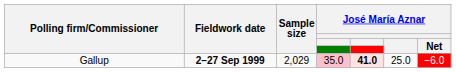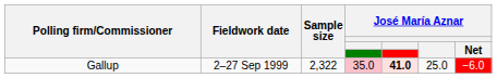 <table class="wikitable collapsible collapsed" style="text-align:center; font-size:90%; line-height:14px;">
 <tr style="height:42px;">
 <th style="width:250px;" rowspan="4">Polling firm/Commissioner</th>
 <th style="width:125px;" rowspan="4">Fieldwork date</th>
 <th style="width:50px;" rowspan="4">Sample size</th>
 <th style="width:185px;" colspan="4"><a href='#'>José María Aznar</a><br></th>
 </tr>
 <tr>
 <th colspan="4" style="background:"></th>
 </tr>
 <tr>
 <th style="width:30px;"></th>
 <th style="width:30px;"></th>
 <th style="width:30px;" rowspan="2"></th>
 <th style="width:30px;" rowspan="2">Net</th>
 </tr>
 <tr>
 <th style="color:inherit;background:#008000;"></th>
 <th style="color:inherit;background:#FF0000;"></th>
 </tr>
 <tr>
 <td>Gallup</td>
-<td><strong>2–27 Sep 1999</strong></td>
-<td>2,029</td>
+<td>2–27 Sep 1999</td>
+<td>2,322</td>
 <td style="background: pink;">35.0</td>
 <td style="background:#FFE2E1;"><strong>41.0</strong></td>
 <td>25.0</td>
 <td style="background:#FF0000; color:white;">−6.0</td>
 </tr>
 </table>
